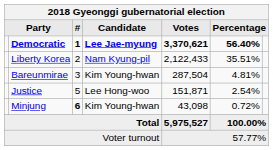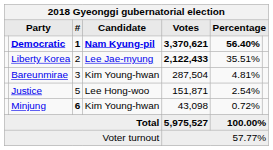 <table class="wikitable">
 <tr>
 <th colspan="7">2018 Gyeonggi gubernatorial election</th>
 </tr>
 <tr>
 <th style="background-color:#E9E9E9" colspan=2>Party</th>
 <th style="background-color:#E9E9E9">#</th>
 <th style="background-color:#E9E9E9">Candidate</th>
 <th style="background-color:#E9E9E9">Votes</th>
 <th style="background-color:#E9E9E9" colspan=2>Percentage</th>
 </tr>
 <tr style="font-weight:bold">
 <td></td>
 <td align=left><a href='#'>Democratic</a></td>
 <td align=center>1</td>
-<td align=left><a href='#'>Lee Jae-myung</a></td>
+<td align=left><a href='#'>Nam Kyung-pil</a></td>
 <td align=right>3,370,621</td>
 <td align=right>56.40%</td>
 <td align=right></td>
 </tr>
 <tr>
 <td></td>
 <td align=left><a href='#'>Liberty Korea</a></td>
 <td align=center>2</td>
-<td align=left><a href='#'>Nam Kyung-pil</a></td>
-<td align=right>2,122,433</td>
+<td align=left><a href='#'>Lee Jae-myung</a></td>
+<td align=right><strong>2,122,433</strong></td>
 <td align=right>35.51%</td>
 <td align=right></td>
 </tr>
 <tr>
 <td></td>
 <td align=left><a href='#'>Bareunmirae</a></td>
 <td align=center>3</td>
 <td align=left>Kim Young-hwan</td>
 <td align=right>287,504</td>
 <td align=right>4.81%</td>
 <td align=right></td>
 </tr>
 <tr>
 <td></td>
 <td align=left><a href='#'>Justice</a></td>
 <td align=center>5</td>
 <td align=left>Lee Hong-woo</td>
 <td align=right>151,871</td>
 <td align=right>2.54%</td>
 <td align=right></td>
 </tr>
 <tr>
 <td></td>
 <td align=left><a href='#'>Minjung</a></td>
 <td align=center><strong>6</strong></td>
 <td align=left>Kim Young-hwan</td>
 <td align=right>43,098</td>
 <td align=right>0.72%</td>
 <td align=right></td>
 </tr>
 <tr bgcolor="#EEEEEE" style="font-weight:bold">
 <td colspan="4" align=right>Total</td>
 <td align=right>5,975,527</td>
 <td align=right colspan=2>100.00%</td>
 </tr>
 <tr bgcolor="#EEEEEE">
 <td colspan="4" align="right">Voter turnout</td>
 <td colspan="3" align="right">57.77%</td>
 </tr>
 </table>
